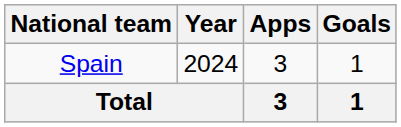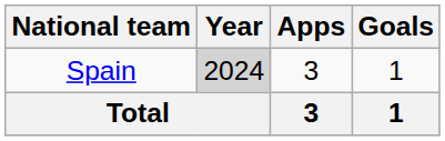 <table class="wikitable" style="text-align:center">
 <tr>
 <th>National team</th>
 <th>Year</th>
 <th>Apps</th>
 <th>Goals</th>
 </tr>
 <tr>
 <td><a href='#'>Spain</a></td>
-<td>2024</td>
+<td style="background: lightgrey;">2024</td>
 <td>3</td>
 <td>1</td>
 </tr>
 <tr>
 <th colspan="2">Total</th>
 <th>3</th>
 <th>1</th>
 </tr>
 </table>
